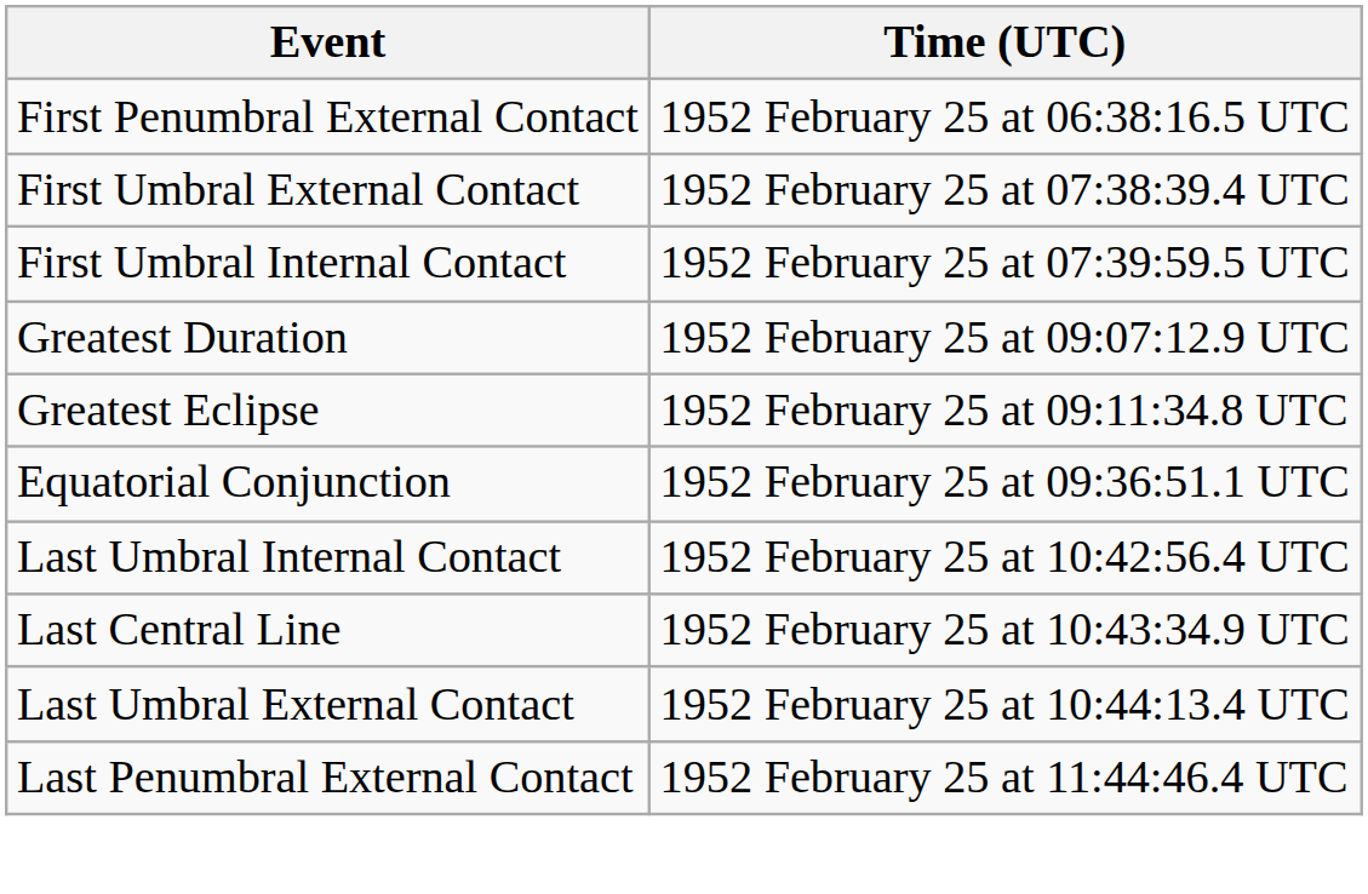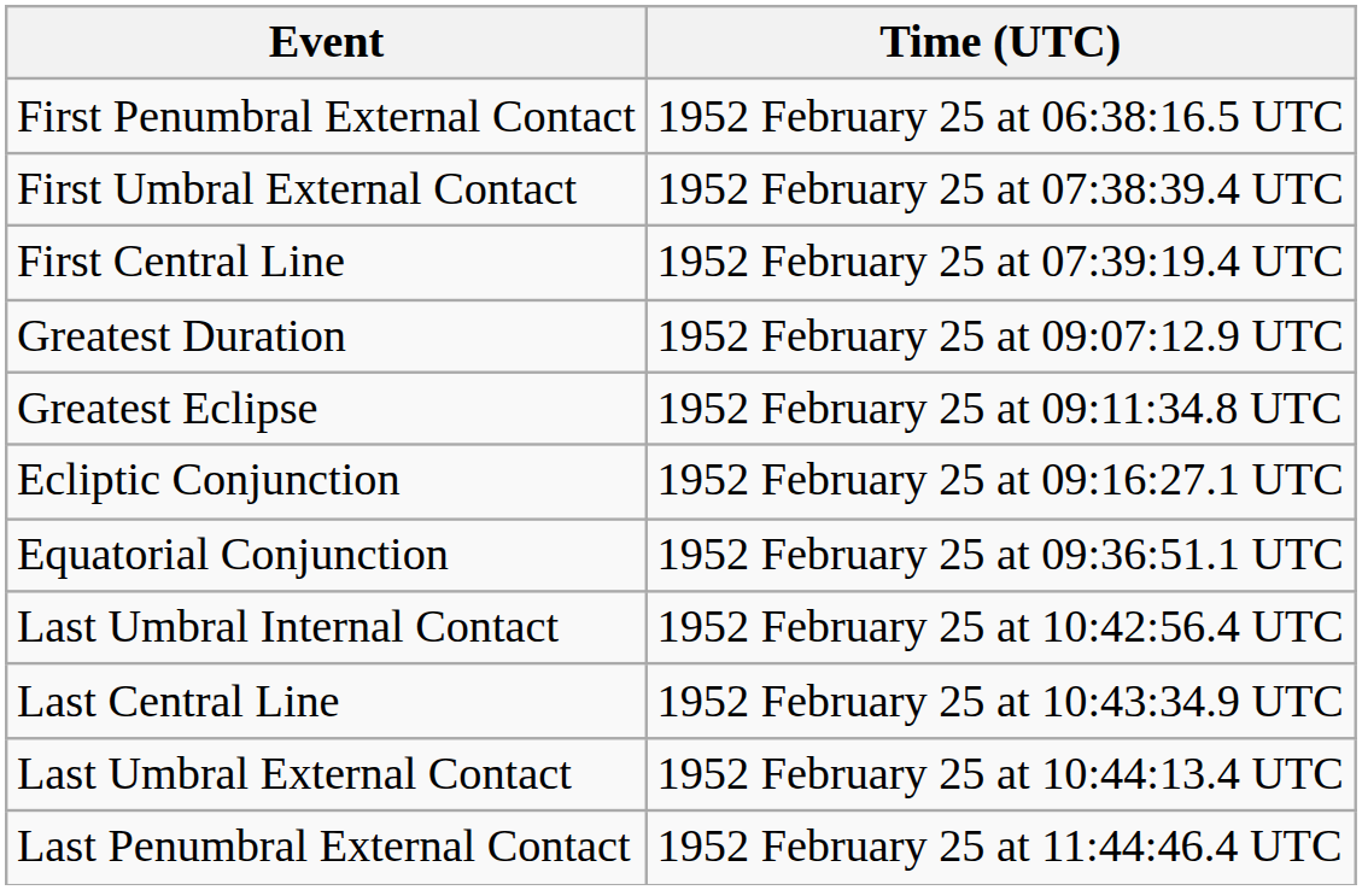 <table class="wikitable">
 <tr>
 <th>Event</th>
 <th>Time (UTC)</th>
 </tr>
 <tr>
 <td>First Penumbral External Contact</td>
 <td>1952 February 25 at 06:38:16.5 UTC</td>
 </tr>
 <tr>
 <td>First Umbral External Contact</td>
 <td>1952 February 25 at 07:38:39.4 UTC</td>
 </tr>
 <tr>
-<td>First Umbral Internal Contact</td>
-<td>1952 February 25 at 07:39:59.5 UTC</td>
+<td>First Central Line</td>
+<td>1952 February 25 at 07:39:19.4 UTC</td>
 </tr>
 <tr>
 <td>Greatest Duration</td>
 <td>1952 February 25 at 09:07:12.9 UTC</td>
 </tr>
 <tr>
 <td>Greatest Eclipse</td>
 <td>1952 February 25 at 09:11:34.8 UTC</td>
+</tr>
+<tr>
+<td>Ecliptic Conjunction</td>
+<td>1952 February 25 at 09:16:27.1 UTC</td>
 </tr>
 <tr>
 <td>Equatorial Conjunction</td>
 <td>1952 February 25 at 09:36:51.1 UTC</td>
 </tr>
 <tr>
 <td>Last Umbral Internal Contact</td>
 <td>1952 February 25 at 10:42:56.4 UTC</td>
 </tr>
 <tr>
 <td>Last Central Line</td>
 <td>1952 February 25 at 10:43:34.9 UTC</td>
 </tr>
 <tr>
 <td>Last Umbral External Contact</td>
 <td>1952 February 25 at 10:44:13.4 UTC</td>
 </tr>
 <tr>
 <td>Last Penumbral External Contact</td>
 <td>1952 February 25 at 11:44:46.4 UTC</td>
 </tr>
 </table>
